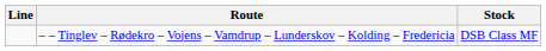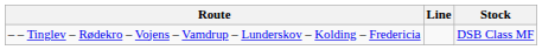 <table class="wikitable">
 <tr>
+<th>Route</th>
 <th>Line</th>
-<th>Route</th>
 <th>Stock</th>
 </tr>
 <tr>
+<td> –  – <a href='#'>Tinglev</a> – <a href='#'>Rødekro</a> – <a href='#'>Vojens</a> – <a href='#'>Vamdrup</a> – <a href='#'>Lunderskov</a> – <a href='#'>Kolding</a> – <a href='#'>Fredericia</a></td>
 <td></td>
-<td> –  – <a href='#'>Tinglev</a> – <a href='#'>Rødekro</a> – <a href='#'>Vojens</a> – <a href='#'>Vamdrup</a> – <a href='#'>Lunderskov</a> – <a href='#'>Kolding</a> – <a href='#'>Fredericia</a></td>
 <td><a href='#'>DSB Class MF</a></td>
 </tr>
 </table>
